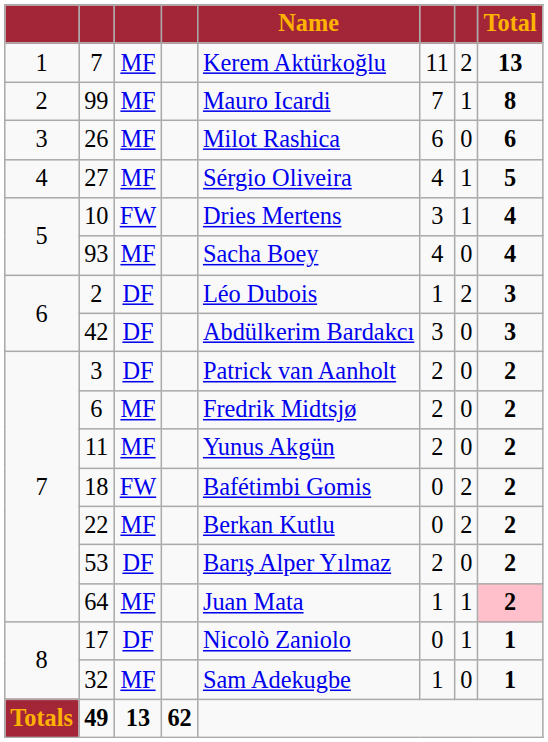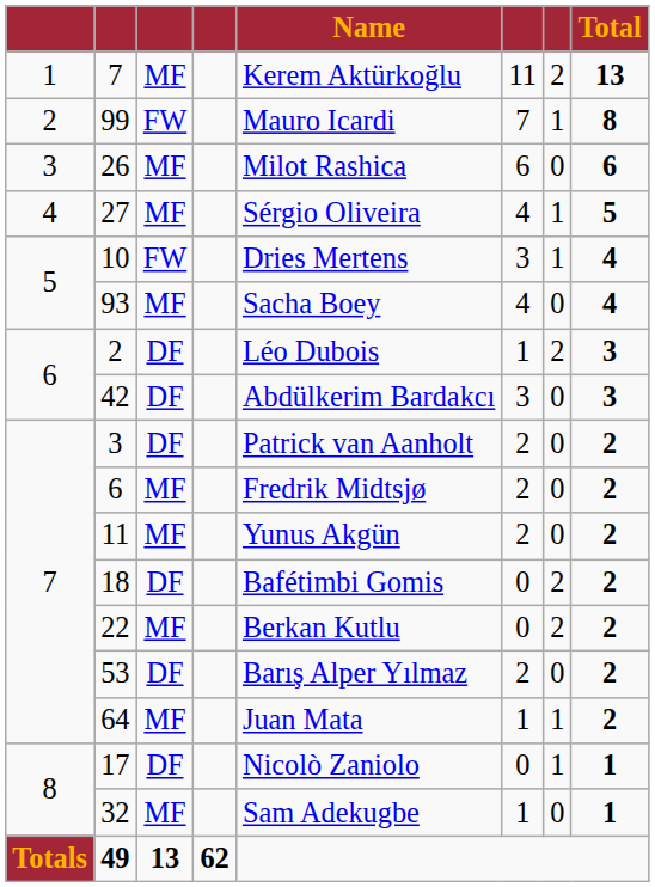 <table class="wikitable" style="text-align:center">
 <tr>
 <th style="background:#A32638; color:#FFB300; "></th>
 <th style="background:#A32638; color:#FFB300; "></th>
 <th style="background:#A32638; color:#FFB300; "></th>
 <th style="background:#A32638; color:#FFB300; "></th>
 <th style="background:#A32638; color:#FFB300; ">Name</th>
 <th style="background:#A32638; color:#FFB300; "></th>
 <th style="background:#A32638; color:#FFB300; "></th>
 <th style="background:#A32638; color:#FFB300; ">Total</th>
 </tr>
 <tr>
 <td rowspan="1">1</td>
 <td>7</td>
 <td><a href='#'>MF</a></td>
 <td></td>
 <td align=left><a href='#'>Kerem Aktürkoğlu</a></td>
 <td>11</td>
 <td>2</td>
 <td><strong>13</strong></td>
 </tr>
 <tr>
 <td rowspan="1">2</td>
 <td>99</td>
-<td><a href='#'>MF</a></td>
+<td><a href='#'>FW</a></td>
 <td></td>
 <td align=left><a href='#'>Mauro Icardi</a></td>
 <td>7</td>
 <td>1</td>
 <td><strong>8</strong></td>
 </tr>
 <tr>
 <td rowspan="1">3</td>
 <td>26</td>
 <td><a href='#'>MF</a></td>
 <td></td>
 <td align=left><a href='#'>Milot Rashica</a></td>
 <td>6</td>
 <td>0</td>
 <td><strong>6</strong></td>
 </tr>
 <tr>
 <td rowspan="1">4</td>
 <td>27</td>
 <td><a href='#'>MF</a></td>
 <td></td>
 <td align=left><a href='#'>Sérgio Oliveira</a></td>
 <td>4</td>
 <td>1</td>
 <td><strong>5</strong></td>
 </tr>
 <tr>
 <td rowspan="2">5</td>
 <td>10</td>
 <td><a href='#'>FW</a></td>
 <td></td>
 <td align=left><a href='#'>Dries Mertens</a></td>
 <td>3</td>
 <td>1</td>
 <td><strong>4</strong></td>
 </tr>
 <tr>
 <td>93</td>
 <td><a href='#'>MF</a></td>
 <td></td>
 <td align=left><a href='#'>Sacha Boey</a></td>
 <td>4</td>
 <td>0</td>
 <td><strong>4</strong></td>
 </tr>
 <tr>
 <td rowspan="2">6</td>
 <td>2</td>
 <td><a href='#'>DF</a></td>
 <td></td>
 <td align=left><a href='#'>Léo Dubois</a></td>
 <td>1</td>
 <td>2</td>
 <td><strong>3</strong></td>
 </tr>
 <tr>
 <td>42</td>
 <td><a href='#'>DF</a></td>
 <td></td>
 <td align=left><a href='#'>Abdülkerim Bardakcı</a></td>
 <td>3</td>
 <td>0</td>
 <td><strong>3</strong></td>
 </tr>
 <tr>
 <td rowspan="7">7</td>
 <td>3</td>
 <td><a href='#'>DF</a></td>
 <td></td>
 <td align=left><a href='#'>Patrick van Aanholt</a></td>
 <td>2</td>
 <td>0</td>
 <td><strong>2</strong></td>
 </tr>
 <tr>
 <td>6</td>
 <td><a href='#'>MF</a></td>
 <td></td>
 <td align=left><a href='#'>Fredrik Midtsjø</a></td>
 <td>2</td>
 <td>0</td>
 <td><strong>2</strong></td>
 </tr>
 <tr>
 <td>11</td>
 <td><a href='#'>MF</a></td>
 <td></td>
 <td align=left><a href='#'>Yunus Akgün</a></td>
 <td>2</td>
 <td>0</td>
 <td><strong>2</strong></td>
 </tr>
 <tr>
 <td>18</td>
-<td><a href='#'>FW</a></td>
+<td><a href='#'>DF</a></td>
 <td></td>
 <td align=left><a href='#'>Bafétimbi Gomis</a></td>
 <td>0</td>
 <td>2</td>
 <td><strong>2</strong></td>
 </tr>
 <tr>
 <td>22</td>
 <td><a href='#'>MF</a></td>
 <td></td>
 <td align=left><a href='#'>Berkan Kutlu</a></td>
 <td>0</td>
 <td>2</td>
 <td><strong>2</strong></td>
 </tr>
 <tr>
 <td>53</td>
 <td><a href='#'>DF</a></td>
 <td></td>
 <td align=left><a href='#'>Barış Alper Yılmaz</a></td>
 <td>2</td>
 <td>0</td>
 <td><strong>2</strong></td>
 </tr>
 <tr>
 <td>64</td>
 <td><a href='#'>MF</a></td>
 <td></td>
 <td align=left><a href='#'>Juan Mata</a></td>
 <td>1</td>
 <td>1</td>
-<td style="background: pink;"><strong>2</strong></td>
+<td><strong>2</strong></td>
 </tr>
 <tr>
 <td rowspan="2">8</td>
 <td>17</td>
 <td><a href='#'>DF</a></td>
 <td></td>
 <td align=left><a href='#'>Nicolò Zaniolo</a></td>
 <td>0</td>
 <td>1</td>
 <td><strong>1</strong></td>
 </tr>
 <tr>
 <td>32</td>
 <td><a href='#'>MF</a></td>
 <td></td>
 <td align=left><a href='#'>Sam Adekugbe</a></td>
 <td>1</td>
 <td>0</td>
 <td><strong>1</strong></td>
 </tr>
 <tr>
 <td style="background:#A32638; color:#FFB300; "><strong>Totals</strong></td>
 <td><strong>49</strong></td>
 <td><strong>13</strong></td>
 <td><strong>62</strong></td>
 </tr>
 </table>
